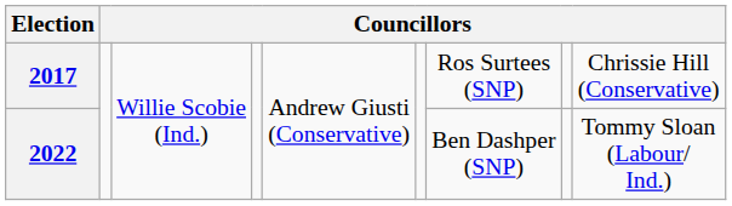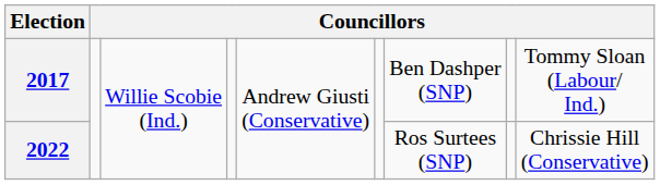 <table class="wikitable" style="text-align:center">
 <tr>
 <th>Election</th>
 <th colspan=8>Councillors</th>
 </tr>
 <tr>
 <th><a href='#'>2017</a></th>
 <td rowspan=2; style="background-color: "></td>
 <td rowspan=2><a href='#'>Willie Scobie</a><br>(<a href='#'>Ind.</a>)</td>
 <td rowspan=2; style="background-color: "></td>
 <td rowspan=2>Andrew Giusti<br>(<a href='#'>Conservative</a>)</td>
 <td rowspan=2; style="background-color: "></td>
+<td>Ben Dashper<br>(<a href='#'>SNP</a>)</td>
+<td style="background-color: "></td>
+<td>Tommy Sloan<br>(<a href='#'>Labour</a>/<br><a href='#'>Ind.</a>)</td>
+</tr>
+<tr>
+<th><a href='#'>2022</a></th>
 <td>Ros Surtees<br>(<a href='#'>SNP</a>)</td>
 <td style="background-color: "></td>
 <td>Chrissie Hill<br>(<a href='#'>Conservative</a>)</td>
 </tr>
-<tr>
-<th><a href='#'>2022</a></th>
-<td>Ben Dashper<br>(<a href='#'>SNP</a>)</td>
-<td style="background-color: "></td>
-<td>Tommy Sloan<br>(<a href='#'>Labour</a>/<br><a href='#'>Ind.</a>)</td>
-</tr>
 </table>
